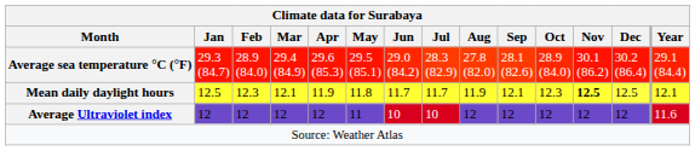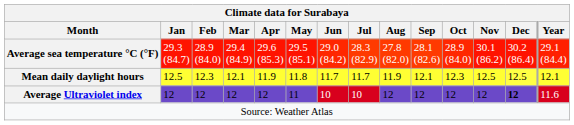 <table class="wikitable mw-collapsible">
 <tr>
 <th Colspan=14>Climate data for Surabaya</th>
 </tr>
 <tr>
 <th>Month</th>
 <th>Jan</th>
 <th>Feb</th>
 <th>Mar</th>
 <th>Apr</th>
 <th>May</th>
 <th>Jun</th>
 <th>Jul</th>
 <th>Aug</th>
 <th>Sep</th>
 <th>Oct</th>
 <th>Nov</th>
 <th>Dec</th>
 <th style="border-left-width:medium">Year</th>
 </tr>
 <tr>
 <th>Average sea temperature °C (°F)</th>
 <td style="background:#FF1300;color:#FFFFFF;">29.3<br>(84.7)</td>
 <td style="background:#FF1300;color:#FFFFFF;">28.9<br>(84.0)</td>
 <td style="background:#FF1300;color:#FFFFFF;">29.4<br>(84.9)</td>
 <td style="background:#FF1300;color:#FFFFFF;">29.6<br>(85.3)</td>
 <td style="background:#FF1300;color:#FFFFFF;">29.5<br>(85.1)</td>
 <td style="background:#FF2700;color:#FFFFFF;">29.0<br>(84.2)</td>
 <td style="background:#FF3A00;color:#FFFFFF;">28.3<br>(82.9)</td>
 <td style="background:#FF3A00;color:#FFFFFF;">27.8<br>(82.0)</td>
 <td style="background:#FF3A00;color:#FFFFFF;">28.1<br>(82.6)</td>
 <td style="background:#FF2700;color:#FFFFFF;">28.9<br>(84.0)</td>
 <td style="background:#FF1300;color:#FFFFFF;">30.1<br>(86.2)</td>
 <td style="background:#FF1300;color:#FFFFFF;">30.2<br>(86.4)</td>
 <td style="background:#FF2000;color:#FFFFFF;border-left-width:medium">29.1<br>(84.4)</td>
 </tr>
 <tr>
 <th>Mean daily daylight hours</th>
 <td style="background:#FFFF33;color:#000000;">12.5</td>
 <td style="background:#FFFF33;color:#000000;">12.3</td>
 <td style="background:#FFFF33;color:#000000;">12.1</td>
 <td style="background:#FFFF33;color:#000000;">11.9</td>
 <td style="background:#FFFF33;color:#000000;">11.8</td>
 <td style="background:#FFFF33;color:#000000;">11.7</td>
 <td style="background:#FFFF33;color:#000000;">11.7</td>
 <td style="background:#FFFF33;color:#000000;">11.9</td>
 <td style="background:#FFFF33;color:#000000;">12.1</td>
 <td style="background:#FFFF33;color:#000000;">12.3</td>
-<td style="background:#FFFF33;color:#000000;"><strong>12.5</strong></td>
+<td style="background:#FFFF33;color:#000000;">12.5</td>
 <td style="background:#FFFF44;color:#000000;">12.5</td>
 <td style="background:#FFFF34;color:#000000;border-left-width:medium">12.1</td>
 </tr>
 <tr>
 <th>Average <a href='#'>Ultraviolet index</a></th>
 <td style="background:#6b49c8;color:#000000;">12</td>
 <td style="background:#6b49c8;color:#000000;">12</td>
 <td style="background:#6b49c8;color:#000000;">12</td>
 <td style="background:#6b49c8;color:#000000;">12</td>
 <td style="background:#6b49c8;color:#000000;">11</td>
 <td style="background:#d8001d;color:#FFFFFF;">10</td>
 <td style="background:#d8001d;color:#FFFFFF;">10</td>
 <td style="background:#6b49c8;color:#000000;">12</td>
 <td style="background:#6b49c8;color:#000000;">12</td>
 <td style="background:#6b49c8;color:#000000;">12</td>
 <td style="background:#6b49c8;color:#000000;">12</td>
-<td style="background:#6b49c8;color:#000000;">12</td>
+<td style="background:#6b49c8;color:#000000;"><strong>12</strong></td>
 <td style="background:#d8001d;color:#FFFFFF;border-left-width:medium">11.6</td>
 </tr>
 <tr>
 <th Colspan=14 style="background:#f8f9fa;font-weight:normal;font-size:95%;">Source: Weather Atlas</th>
 </tr>
 </table>
